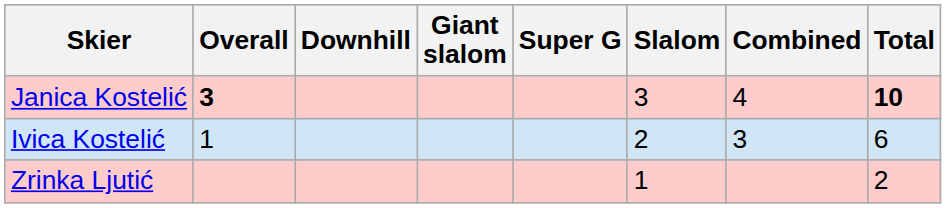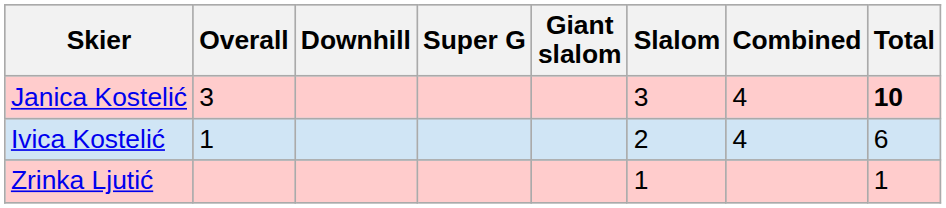 <table class="wikitable">
 <tr>
 <th><strong>Skier</strong></th>
 <th><strong>Overall</strong></th>
 <th><strong>Downhill</strong></th>
+<th><strong>Super G</strong></th>
 <th>Giant<br>slalom</th>
-<th><strong>Super G</strong></th>
 <th>Slalom</th>
 <th>Combined</th>
 <th>Total</th>
 </tr>
 <tr style="background:#ffcccc">
 <td><a href='#'>Janica Kostelić</a></td>
-<td><strong>3</strong></td>
+<td>3</td>
 <td></td>
 <td></td>
 <td></td>
 <td>3</td>
 <td>4</td>
 <td><strong>10</strong></td>
 </tr>
 <tr style="background:#d0e5f5">
 <td><a href='#'>Ivica Kostelić</a></td>
 <td>1</td>
 <td></td>
 <td></td>
 <td></td>
 <td>2</td>
-<td>3</td>
+<td>4</td>
 <td>6</td>
 </tr>
 <tr style="background:#ffcccc">
 <td><a href='#'>Zrinka Ljutić</a></td>
 <td></td>
 <td></td>
 <td></td>
 <td></td>
 <td>1</td>
 <td></td>
-<td>2</td>
+<td>1</td>
 </tr>
 </table>
